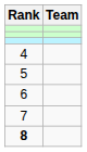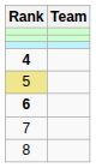 <table class=wikitable style="text-align:center;">
 <tr>
 <th>Rank</th>
 <th>Team</th>
 </tr>
 <tr bgcolor=ccffcc>
 <td></td>
 <td align=left></td>
 </tr>
 <tr bgcolor=ccffcc>
 <td></td>
 <td align=left></td>
 </tr>
 <tr bgcolor=BBF3FF>
 <td></td>
 <td align=left></td>
 </tr>
 <tr>
-<td>4</td>
+<td><strong>4</strong></td>
 <td align=left></td>
 </tr>
 <tr>
-<td>5</td>
+<td style="background: khaki;">5</td>
 <td align=left></td>
 </tr>
 <tr>
-<td>6</td>
+<td><strong>6</strong></td>
 <td align=left></td>
 </tr>
 <tr>
 <td>7</td>
 <td align=left></td>
 </tr>
 <tr>
-<td><strong>8</strong></td>
+<td>8</td>
 <td align=left></td>
 </tr>
 </table>
